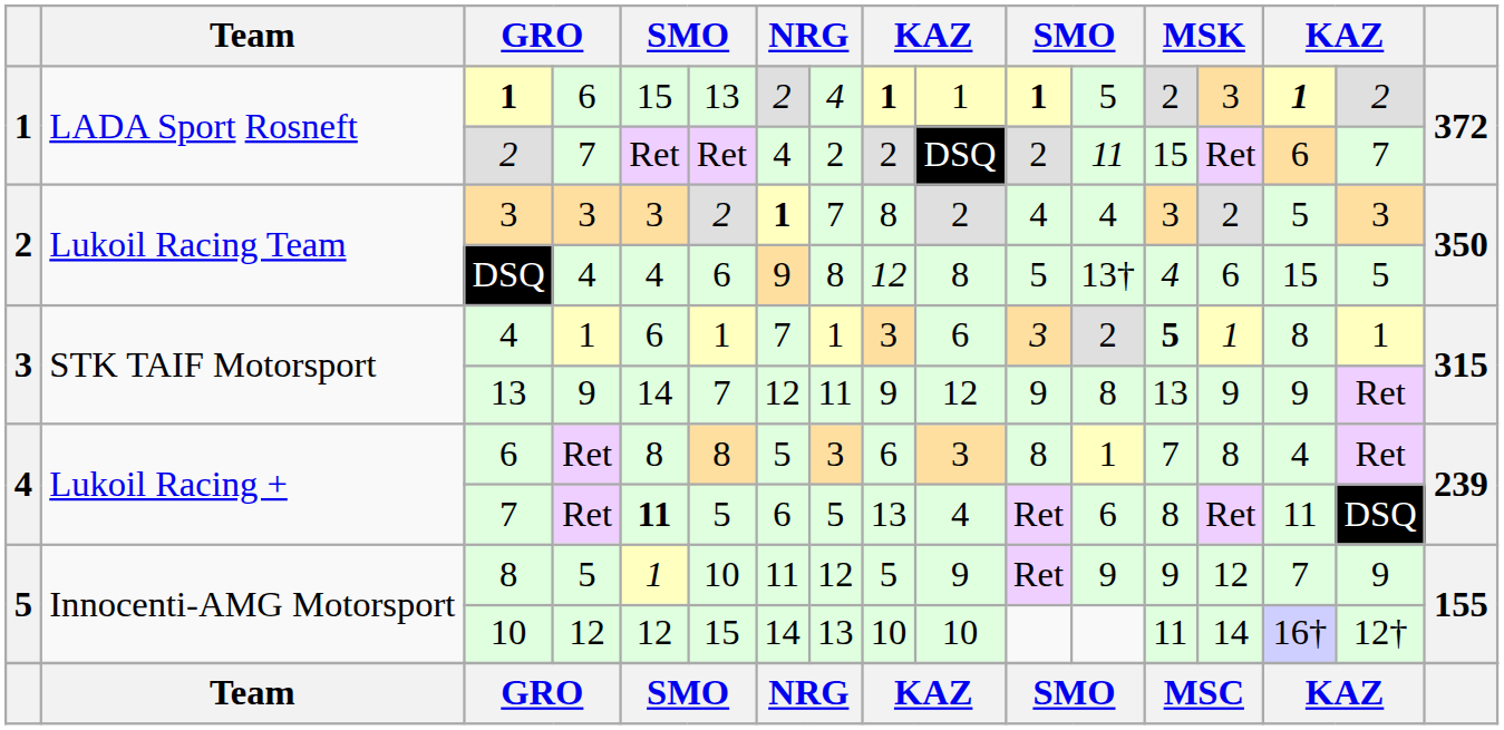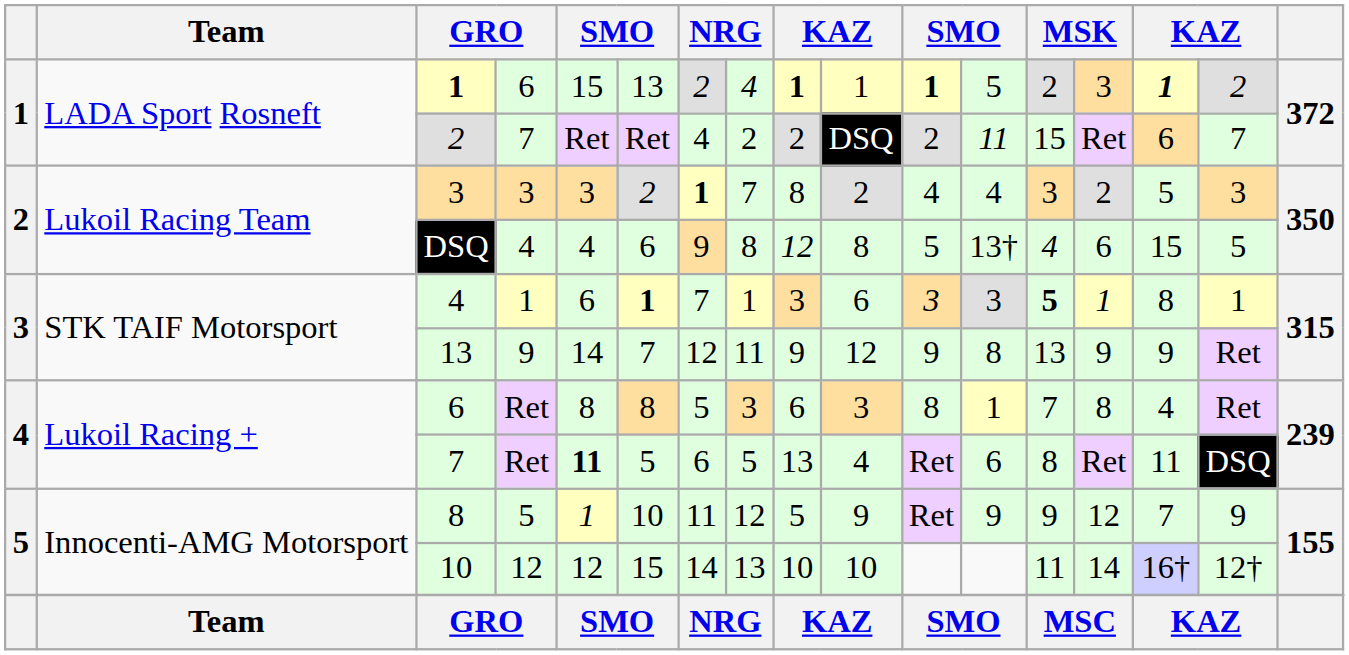 <table align=left| class="wikitable" style="font-size: 90%; text-align: center">
 <tr valign="top">
 <th valign="middle"></th>
 <th valign="middle">Team</th>
 <th colspan=2><a href='#'>GRO</a></th>
 <th colspan=2><a href='#'>SMO</a></th>
 <th colspan=2><a href='#'>NRG</a></th>
 <th colspan=2><a href='#'>KAZ</a></th>
 <th colspan=2><a href='#'>SMO</a></th>
 <th colspan=2><a href='#'>MSK</a></th>
 <th colspan=2><a href='#'>KAZ</a></th>
 <th valign="middle"></th>
 </tr>
 <tr>
 <th rowspan="2">1</th>
 <td rowspan="2" align=left><a href='#'>LADA Sport</a> <a href='#'>Rosneft</a></td>
 <td style="background:#ffffbf;"><strong>1</strong></td>
 <td style="background:#dfffdf;">6</td>
 <td style="background:#dfffdf;">15</td>
 <td style="background:#dfffdf;">13</td>
 <td style="background:#dfdfdf;"><em>2</em></td>
 <td style="background:#dfffdf;"><em>4</em></td>
 <td style="background:#ffffbf;"><strong>1</strong></td>
 <td style="background:#ffffbf;">1</td>
 <td style="background:#ffffbf;"><strong>1</strong></td>
 <td style="background:#dfffdf;">5</td>
 <td style="background:#dfdfdf;">2</td>
 <td style="background:#ffdf9f;">3</td>
 <td style="background:#ffffbf;"><strong><em>1</em></strong></td>
 <td style="background:#dfdfdf;"><em>2</em></td>
 <th rowspan="2">372</th>
 </tr>
 <tr>
 <td style="background:#dfdfdf;"><em>2</em></td>
 <td style="background:#dfffdf;">7</td>
 <td style="background:#efcfff;">Ret</td>
 <td style="background:#efcfff;">Ret</td>
 <td style="background:#dfffdf;">4</td>
 <td style="background:#dfffdf;">2</td>
 <td style="background:#dfdfdf;">2</td>
 <td style="background:#000000; color:white">DSQ</td>
 <td style="background:#dfdfdf;">2</td>
 <td style="background:#dfffdf;"><em>11</em></td>
 <td style="background:#dfffdf;">15</td>
 <td style="background:#efcfff;">Ret</td>
 <td style="background:#ffdf9f;">6</td>
 <td style="background:#dfffdf;">7</td>
 </tr>
 <tr>
 <th rowspan="2">2</th>
 <td rowspan="2" align=left><a href='#'>Lukoil Racing Team</a></td>
 <td style="background:#ffdf9f;">3</td>
 <td style="background:#ffdf9f;">3</td>
 <td style="background:#ffdf9f;">3</td>
 <td style="background:#dfdfdf;"><em>2</em></td>
 <td style="background:#ffffbf;"><strong>1</strong></td>
 <td style="background:#dfffdf;">7</td>
 <td style="background:#dfffdf;">8</td>
 <td style="background:#dfdfdf;">2</td>
 <td style="background:#dfffdf;">4</td>
 <td style="background:#dfffdf;">4</td>
 <td style="background:#ffdf9f;">3</td>
 <td style="background:#dfdfdf;">2</td>
 <td style="background:#dfffdf;">5</td>
 <td style="background:#ffdf9f;">3</td>
 <th rowspan="2">350</th>
 </tr>
 <tr>
 <td style="background:#000000; color:white">DSQ</td>
 <td style="background:#dfffdf;">4</td>
 <td style="background:#dfffdf;">4</td>
 <td style="background:#dfffdf;">6</td>
 <td style="background:#ffdf9f;">9</td>
 <td style="background:#dfffdf;">8</td>
 <td style="background:#dfffdf;"><em>12</em></td>
 <td style="background:#dfffdf;">8</td>
 <td style="background:#dfffdf;">5</td>
 <td style="background:#dfffdf;">13†</td>
 <td style="background:#dfffdf;"><em>4</em></td>
 <td style="background:#dfffdf;">6</td>
 <td style="background:#dfffdf;">15</td>
 <td style="background:#dfffdf;">5</td>
 </tr>
 <tr>
 <th rowspan="2">3</th>
 <td rowspan="2" align=left>STK TAIF Motorsport</td>
 <td style="background:#dfffdf;">4</td>
 <td style="background:#ffffbf;">1</td>
 <td style="background:#dfffdf;">6</td>
-<td style="background:#ffffbf;">1</td>
+<td style="background:#ffffbf;"><strong>1</strong></td>
 <td style="background:#dfffdf;">7</td>
 <td style="background:#ffffbf;">1</td>
 <td style="background:#ffdf9f;">3</td>
 <td style="background:#dfffdf;">6</td>
 <td style="background:#ffdf9f;"><em>3</em></td>
-<td style="background:#dfdfdf;">2</td>
+<td style="background:#dfdfdf;">3</td>
 <td style="background:#dfffdf;"><strong>5</strong></td>
 <td style="background:#ffffbf;"><em>1</em></td>
 <td style="background:#dfffdf;">8</td>
 <td style="background:#ffffbf;">1</td>
 <th rowspan="2">315</th>
 </tr>
 <tr>
 <td style="background:#dfffdf;">13</td>
 <td style="background:#dfffdf;">9</td>
 <td style="background:#dfffdf;">14</td>
 <td style="background:#dfffdf;">7</td>
 <td style="background:#dfffdf;">12</td>
 <td style="background:#dfffdf;">11</td>
 <td style="background:#dfffdf;">9</td>
 <td style="background:#dfffdf;">12</td>
 <td style="background:#dfffdf;">9</td>
 <td style="background:#dfffdf;">8</td>
 <td style="background:#dfffdf;">13</td>
 <td style="background:#dfffdf;">9</td>
 <td style="background:#dfffdf;">9</td>
 <td style="background:#efcfff;">Ret</td>
 </tr>
 <tr>
 <th rowspan="2">4</th>
 <td rowspan="2" align=left><a href='#'>Lukoil Racing +</a></td>
 <td style="background:#dfffdf;">6</td>
 <td style="background:#efcfff;">Ret</td>
 <td style="background:#dfffdf;">8</td>
 <td style="background:#ffdf9f;">8</td>
 <td style="background:#dfffdf;">5</td>
 <td style="background:#ffdf9f;">3</td>
 <td style="background:#dfffdf;">6</td>
 <td style="background:#ffdf9f;">3</td>
 <td style="background:#dfffdf;">8</td>
 <td style="background:#ffffbf;">1</td>
 <td style="background:#dfffdf;">7</td>
 <td style="background:#dfffdf;">8</td>
 <td style="background:#dfffdf;">4</td>
 <td style="background:#efcfff;">Ret</td>
 <th rowspan="2">239</th>
 </tr>
 <tr>
 <td style="background:#dfffdf;">7</td>
 <td style="background:#efcfff;">Ret</td>
 <td style="background:#dfffdf;"><strong>11</strong></td>
 <td style="background:#dfffdf;">5</td>
 <td style="background:#dfffdf;">6</td>
 <td style="background:#dfffdf;">5</td>
 <td style="background:#dfffdf;">13</td>
 <td style="background:#dfffdf;">4</td>
 <td style="background:#efcfff;">Ret</td>
 <td style="background:#dfffdf;">6</td>
 <td style="background:#dfffdf;">8</td>
 <td style="background:#efcfff;">Ret</td>
 <td style="background:#dfffdf;">11</td>
 <td style="background:#000000; color:white">DSQ</td>
 </tr>
 <tr>
 <th rowspan="2">5</th>
 <td rowspan="2" align=left>Innocenti-AMG Motorsport</td>
 <td style="background:#dfffdf;">8</td>
 <td style="background:#dfffdf;">5</td>
 <td style="background:#ffffbf;"><em>1</em></td>
 <td style="background:#dfffdf;">10</td>
 <td style="background:#dfffdf;">11</td>
 <td style="background:#dfffdf;">12</td>
 <td style="background:#dfffdf;">5</td>
 <td style="background:#dfffdf;">9</td>
 <td style="background:#efcfff;">Ret</td>
 <td style="background:#dfffdf;">9</td>
 <td style="background:#dfffdf;">9</td>
 <td style="background:#dfffdf;">12</td>
 <td style="background:#dfffdf;">7</td>
 <td style="background:#dfffdf;">9</td>
 <th rowspan="2">155</th>
 </tr>
 <tr>
 <td style="background:#dfffdf;">10</td>
 <td style="background:#dfffdf;">12</td>
 <td style="background:#dfffdf;">12</td>
 <td style="background:#dfffdf;">15</td>
 <td style="background:#dfffdf;">14</td>
 <td style="background:#dfffdf;">13</td>
 <td style="background:#dfffdf;">10</td>
 <td style="background:#dfffdf;">10</td>
 <td></td>
 <td></td>
 <td style="background:#dfffdf;">11</td>
 <td style="background:#dfffdf;">14</td>
 <td style="background:#cfcfff;">16†</td>
 <td style="background:#dfffdf;">12†</td>
 </tr>
 <tr>
 </tr>
 <tr valign="top">
 <th valign="middle"></th>
 <th valign="middle">Team</th>
 <th colspan=2><a href='#'>GRO</a></th>
 <th colspan=2><a href='#'>SMO</a></th>
 <th colspan=2><a href='#'>NRG</a></th>
 <th colspan=2><a href='#'>KAZ</a></th>
 <th colspan=2><a href='#'>SMO</a></th>
 <th colspan=2><a href='#'>MSC</a></th>
 <th colspan=2><a href='#'>KAZ</a></th>
 <th valign="middle"></th>
 </tr>
 </table>
